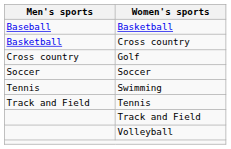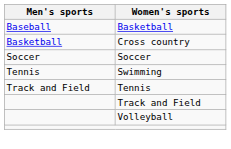 <table class="wikitable"; style= "text-align: ">
 <tr>
 <th width=150px>Men's sports</th>
 <th width=150px>Women's sports</th>
 </tr>
 <tr>
 <td><a href='#'>Baseball</a></td>
 <td><a href='#'>Basketball</a></td>
 </tr>
 <tr>
 <td><a href='#'>Basketball</a></td>
 <td>Cross country</td>
-</tr>
-<tr>
-<td>Cross country</td>
-<td>Golf</td>
 </tr>
 <tr>
 <td>Soccer</td>
 <td>Soccer</td>
 </tr>
 <tr>
 <td>Tennis</td>
 <td>Swimming</td>
 </tr>
 <tr>
 <td>Track and Field</td>
 <td>Tennis</td>
 </tr>
 <tr>
 <td></td>
 <td>Track and Field</td>
 </tr>
 <tr>
 <td></td>
 <td>Volleyball</td>
 </tr>
 <tr>
 <td colspan=2></td>
 </tr>
 </table>
